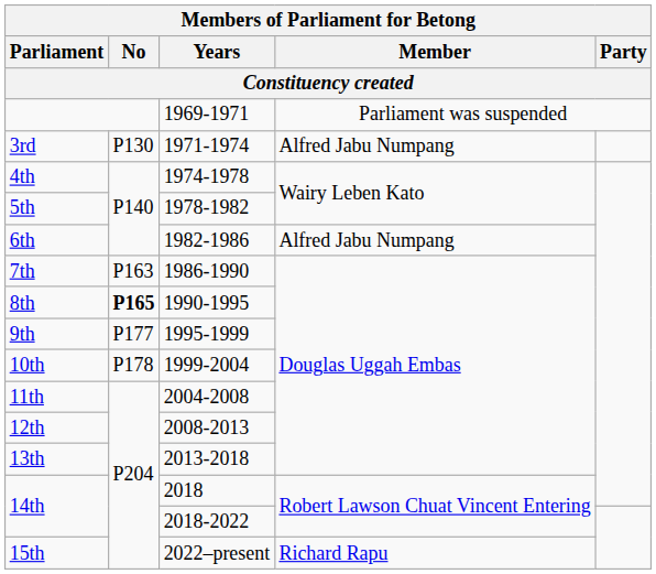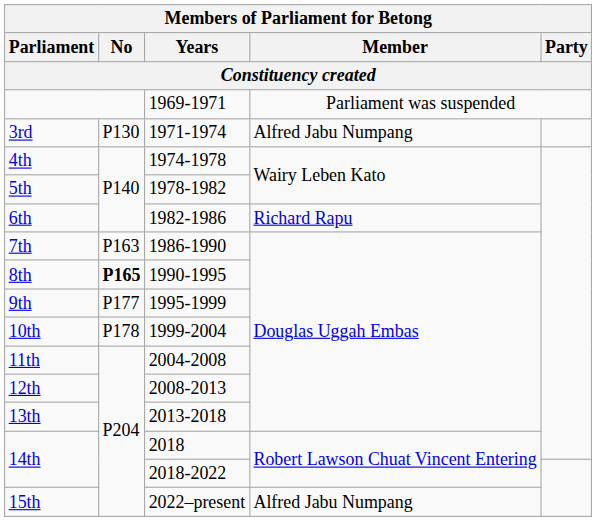 <table class=wikitable>
 <tr>
 <th colspan="5">Members of Parliament for Betong</th>
 </tr>
 <tr>
 <th>Parliament</th>
 <th>No</th>
 <th>Years</th>
 <th>Member</th>
 <th>Party</th>
 </tr>
 <tr>
 <th colspan="5" align="center"><em>Constituency created</em></th>
 </tr>
 <tr>
 <td colspan="2"></td>
 <td>1969-1971</td>
 <td colspan=2 align=center>Parliament was suspended</td>
 </tr>
 <tr>
 <td><a href='#'>3rd</a></td>
 <td>P130</td>
 <td>1971-1974</td>
 <td>Alfred Jabu Numpang</td>
 <td></td>
 </tr>
 <tr>
 <td><a href='#'>4th</a></td>
 <td rowspan="3">P140</td>
 <td>1974-1978</td>
 <td rowspan=2>Wairy Leben Kato</td>
 <td rowspan="11"></td>
 </tr>
 <tr>
 <td><a href='#'>5th</a></td>
 <td>1978-1982</td>
 </tr>
 <tr>
 <td><a href='#'>6th</a></td>
 <td>1982-1986</td>
-<td>Alfred Jabu Numpang</td>
+<td><a href='#'>Richard Rapu</a></td>
 </tr>
 <tr>
 <td><a href='#'>7th</a></td>
 <td>P163</td>
 <td>1986-1990</td>
 <td rowspan=7><a href='#'>Douglas Uggah Embas</a></td>
 </tr>
 <tr>
 <td><a href='#'>8th</a></td>
 <td><strong>P165</strong></td>
 <td>1990-1995</td>
 </tr>
 <tr>
 <td><a href='#'>9th</a></td>
 <td>P177</td>
 <td>1995-1999</td>
 </tr>
 <tr>
 <td><a href='#'>10th</a></td>
 <td>P178</td>
 <td>1999-2004</td>
 </tr>
 <tr>
 <td><a href='#'>11th</a></td>
 <td rowspan="6">P204</td>
 <td>2004-2008</td>
 </tr>
 <tr>
 <td><a href='#'>12th</a></td>
 <td>2008-2013</td>
 </tr>
 <tr>
 <td><a href='#'>13th</a></td>
 <td>2013-2018</td>
 </tr>
 <tr>
 <td rowspan=2><a href='#'>14th</a></td>
 <td>2018</td>
 <td rowspan=2><a href='#'>Robert Lawson Chuat Vincent Entering</a></td>
 </tr>
 <tr>
 <td>2018-2022</td>
 <td rowspan="2"></td>
 </tr>
 <tr>
 <td><a href='#'>15th</a></td>
 <td>2022–present</td>
-<td><a href='#'>Richard Rapu</a></td>
+<td>Alfred Jabu Numpang</td>
 </tr>
 </table>
